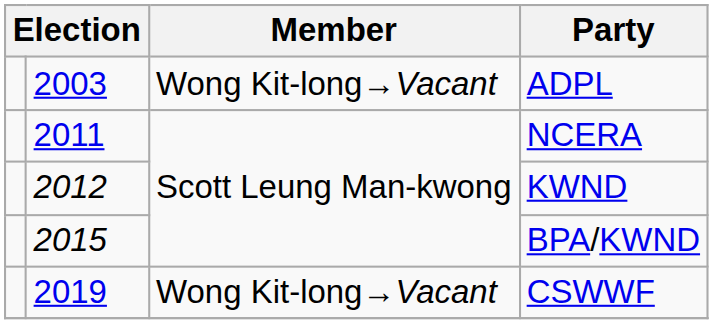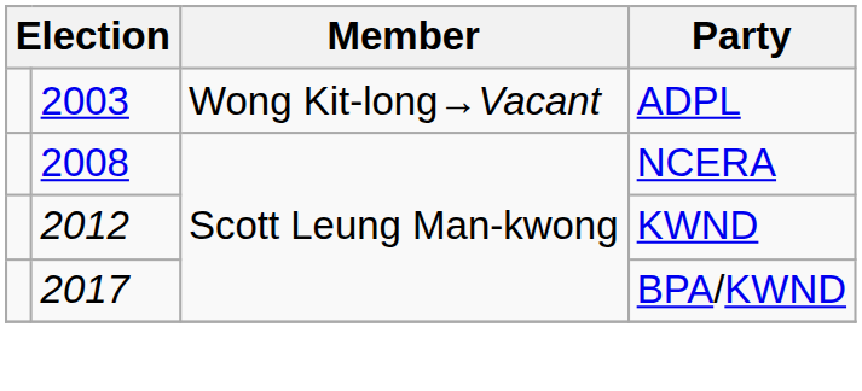 <table class="wikitable">
 <tr>
 <th colspan="2">Election</th>
 <th>Member</th>
 <th>Party</th>
 </tr>
 <tr>
 <td style="background-color: "></td>
 <td><a href='#'>2003</a></td>
 <td>Wong Kit-long→<em>Vacant</em></td>
 <td><a href='#'>ADPL</a></td>
 </tr>
 <tr>
 <td style="background-color:"></td>
-<td><a href='#'>2011</a></td>
+<td><a href='#'>2008</a></td>
 <td rowspan=3>Scott Leung Man-kwong</td>
 <td><a href='#'>NCERA</a></td>
 </tr>
 <tr>
 <td style="background-color: "></td>
 <td><em>2012</em></td>
 <td><a href='#'>KWND</a></td>
 </tr>
 <tr>
 <td style="background-color: "></td>
-<td><em>2015</em></td>
+<td><em>2017</em></td>
 <td><a href='#'>BPA</a>/<a href='#'>KWND</a></td>
-</tr>
-<tr>
-<td style="background-color: "></td>
-<td><a href='#'>2019</a></td>
-<td>Wong Kit-long→<em>Vacant</em></td>
-<td><a href='#'>CSWWF</a></td>
 </tr>
 <tr>
 </tr>
 </table>
